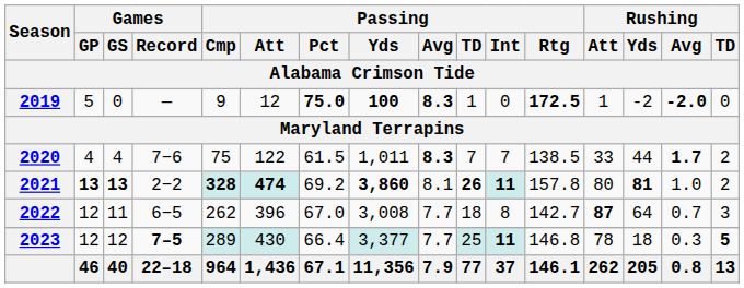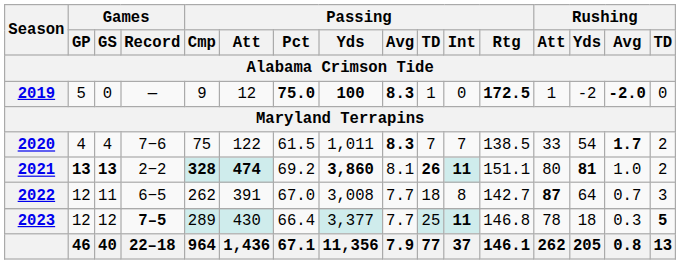 <table class="wikitable" style="text-align:center;">
 <tr>
 <th rowspan="2">Season</th>
 <th colspan="3">Games</th>
 <th colspan="8">Passing</th>
 <th colspan="5">Rushing</th>
 </tr>
 <tr>
 <th>GP</th>
 <th>GS</th>
 <th>Record</th>
 <th>Cmp</th>
 <th>Att</th>
 <th>Pct</th>
 <th>Yds</th>
 <th>Avg</th>
 <th>TD</th>
 <th>Int</th>
 <th>Rtg</th>
 <th>Att</th>
 <th>Yds</th>
 <th>Avg</th>
 <th>TD</th>
 </tr>
 <tr>
 <th colspan="16">Alabama Crimson Tide</th>
 </tr>
 <tr>
 <th><a href='#'>2019</a></th>
 <td>5</td>
 <td>0</td>
 <td>—</td>
 <td>9</td>
 <td>12</td>
 <td><strong>75.0</strong></td>
 <td><strong>100</strong></td>
 <td><strong>8.3</strong></td>
 <td>1</td>
 <td>0</td>
 <td><strong>172.5</strong></td>
 <td>1</td>
 <td>-2</td>
 <td><strong>-2.0</strong></td>
 <td>0</td>
 </tr>
 <tr>
 <th colspan="16">Maryland Terrapins</th>
 </tr>
 <tr>
 <th><a href='#'>2020</a></th>
 <td>4</td>
 <td>4</td>
 <td>7−6</td>
 <td>75</td>
 <td>122</td>
 <td>61.5</td>
 <td>1,011</td>
 <td><strong>8.3</strong></td>
 <td>7</td>
 <td>7</td>
 <td>138.5</td>
 <td>33</td>
-<td>44</td>
+<td>54</td>
 <td><strong>1.7</strong></td>
 <td>2</td>
 </tr>
 <tr>
 <th><a href='#'>2021</a></th>
 <td><strong>13</strong></td>
 <td><strong>13</strong></td>
 <td>2−2</td>
 <td style="background:#cfecec;"><strong>328</strong></td>
 <td style="background:#cfecec;"><strong>474</strong></td>
 <td>69.2</td>
 <td><strong>3,860</strong></td>
 <td>8.1</td>
 <td><strong>26</strong></td>
 <td style="background:#cfecec;"><strong>11</strong></td>
-<td>157.8</td>
+<td>151.1</td>
 <td>80</td>
 <td><strong>81</strong></td>
 <td>1.0</td>
 <td>2</td>
 </tr>
 <tr>
 <th><a href='#'>2022</a></th>
 <td>12</td>
 <td>11</td>
 <td>6−5</td>
 <td>262</td>
-<td>396</td>
+<td>391</td>
 <td>67.0</td>
 <td>3,008</td>
 <td>7.7</td>
 <td>18</td>
 <td>8</td>
 <td>142.7</td>
 <td><strong>87</strong></td>
 <td>64</td>
 <td>0.7</td>
 <td>3</td>
 </tr>
 <tr>
 </tr>
 <tr>
 <th><a href='#'>2023</a></th>
 <td>12</td>
 <td>12</td>
 <td><strong>7–5</strong></td>
 <td style="background:#cfecec;">289</td>
 <td style="background:#cfecec;">430</td>
 <td>66.4</td>
 <td style="background:#cfecec;">3,377</td>
 <td>7.7</td>
 <td style="background:#cfecec;">25</td>
 <td style="background:#cfecec;"><strong>11</strong></td>
 <td>146.8</td>
 <td>78</td>
 <td>18</td>
 <td>0.3</td>
 <td><strong>5</strong></td>
 </tr>
 <tr>
 <th></th>
 <th>46</th>
 <th>40</th>
 <th>22–18</th>
 <th>964</th>
 <th>1,436</th>
 <th>67.1</th>
 <th>11,356</th>
 <th>7.9</th>
 <th>77</th>
 <th>37</th>
 <th>146.1</th>
 <th>262</th>
 <th>205</th>
 <th>0.8</th>
 <th>13</th>
 </tr>
 </table>
